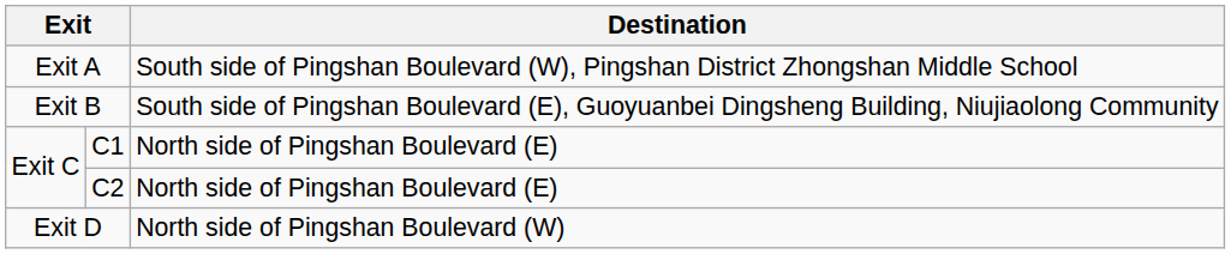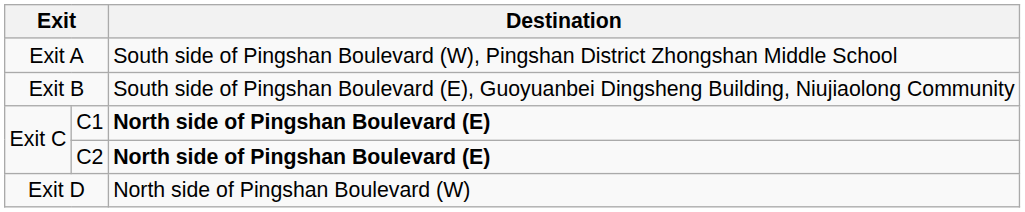 <table class="wikitable">
 <tr>
 <th style="width:70px" colspan="2">Exit</th>
 <th>Destination</th>
 </tr>
 <tr>
 <td align="center" colspan="2">Exit A</td>
 <td>South side of Pingshan Boulevard (W), Pingshan District Zhongshan Middle School</td>
 </tr>
 <tr>
 <td align="center" colspan="2">Exit B</td>
 <td>South side of Pingshan Boulevard (E), Guoyuanbei Dingsheng Building, Niujiaolong Community</td>
 </tr>
 <tr>
 <td align="center" rowspan="2">Exit C</td>
 <td>C1</td>
-<td>North side of Pingshan Boulevard (E)</td>
+<td><strong>North side of Pingshan Boulevard (E)</strong></td>
 </tr>
 <tr>
 <td>C2</td>
-<td>North side of Pingshan Boulevard (E)</td>
+<td><strong>North side of Pingshan Boulevard (E)</strong></td>
 </tr>
 <tr>
 <td align="center" colspan="2">Exit D</td>
 <td>North side of Pingshan Boulevard (W)</td>
 </tr>
 </table>
